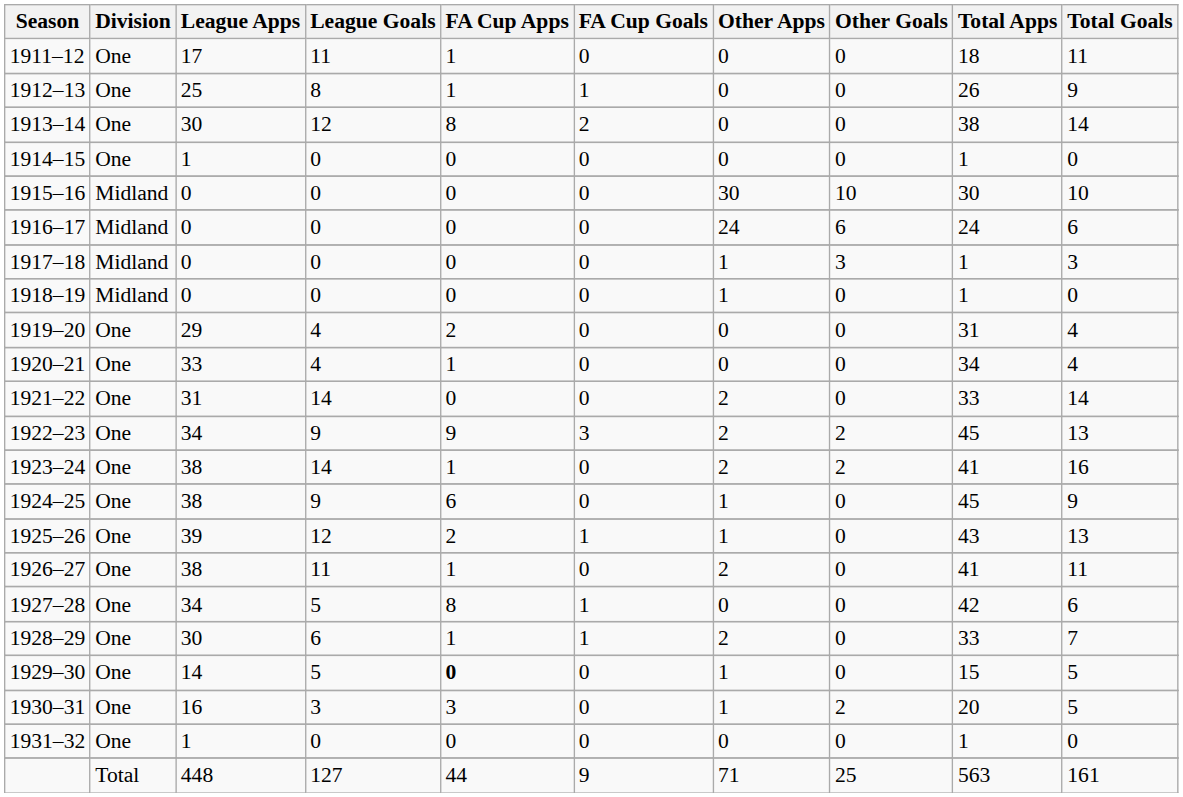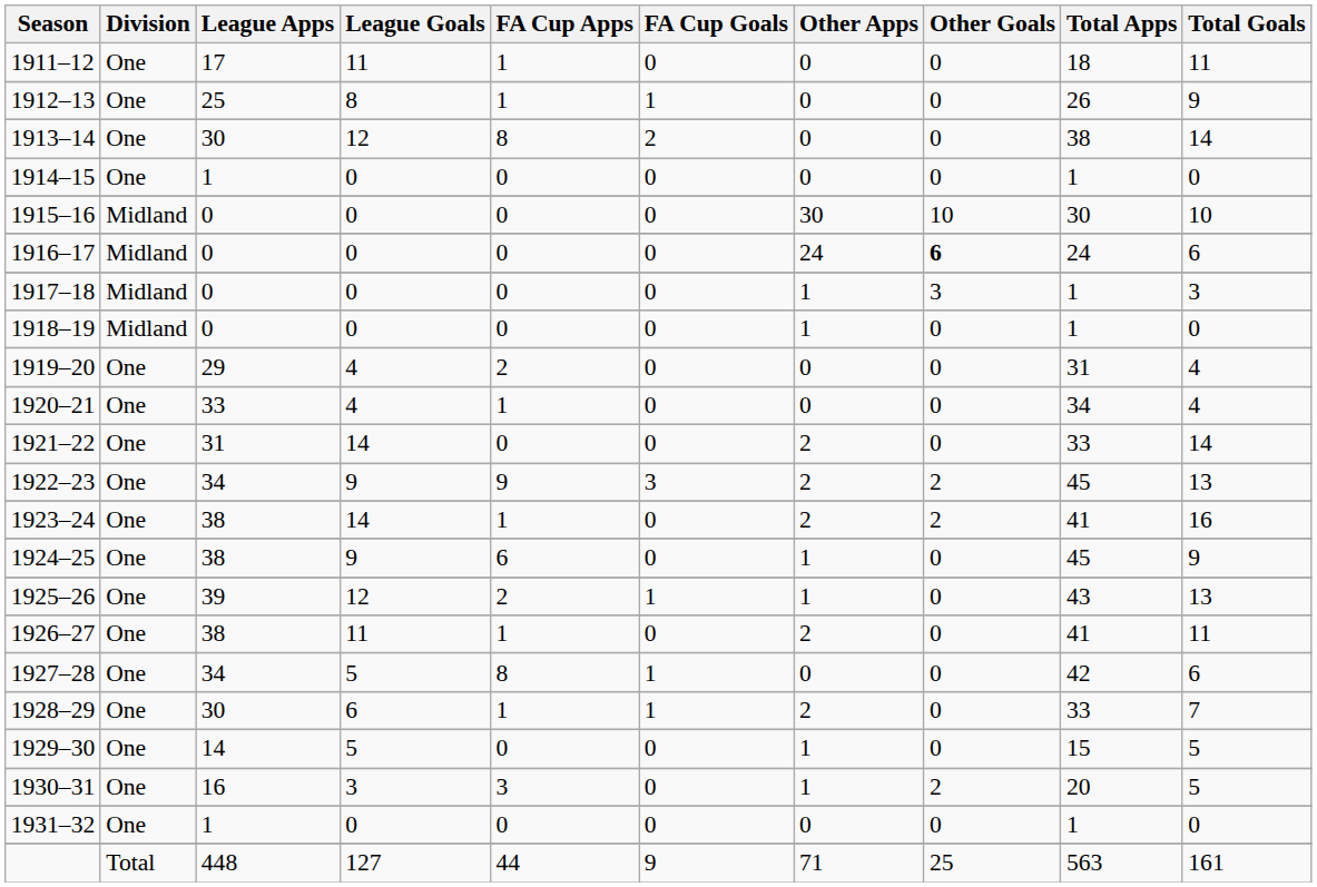 <table class=wikitable>
 <tr>
 <th>Season</th>
 <th>Division</th>
 <th>League Apps</th>
 <th>League Goals</th>
 <th>FA Cup Apps</th>
 <th>FA Cup Goals</th>
 <th>Other Apps</th>
 <th>Other Goals</th>
 <th>Total Apps</th>
 <th>Total Goals</th>
 </tr>
 <tr>
 <td>1911–12</td>
 <td>One</td>
 <td>17</td>
 <td>11</td>
 <td>1</td>
 <td>0</td>
 <td>0</td>
 <td>0</td>
 <td>18</td>
 <td>11</td>
 </tr>
 <tr>
 </tr>
 <tr>
 <td>1912–13</td>
 <td>One</td>
 <td>25</td>
 <td>8</td>
 <td>1</td>
 <td>1</td>
 <td>0</td>
 <td>0</td>
 <td>26</td>
 <td>9</td>
 </tr>
 <tr>
 </tr>
 <tr>
 <td>1913–14</td>
 <td>One</td>
 <td>30</td>
 <td>12</td>
 <td>8</td>
 <td>2</td>
 <td>0</td>
 <td>0</td>
 <td>38</td>
 <td>14</td>
 </tr>
 <tr>
 </tr>
 <tr>
 <td>1914–15</td>
 <td>One</td>
 <td>1</td>
 <td>0</td>
 <td>0</td>
 <td>0</td>
 <td>0</td>
 <td>0</td>
 <td>1</td>
 <td>0</td>
 </tr>
 <tr>
 </tr>
 <tr>
 <td>1915–16</td>
 <td>Midland</td>
 <td>0</td>
 <td>0</td>
 <td>0</td>
 <td>0</td>
 <td>30</td>
 <td>10</td>
 <td>30</td>
 <td>10</td>
 </tr>
 <tr>
 </tr>
 <tr>
 <td>1916–17</td>
 <td>Midland</td>
 <td>0</td>
 <td>0</td>
 <td>0</td>
 <td>0</td>
 <td>24</td>
-<td>6</td>
+<td><strong>6</strong></td>
 <td>24</td>
 <td>6</td>
 </tr>
 <tr>
 </tr>
 <tr>
 <td>1917–18</td>
 <td>Midland</td>
 <td>0</td>
 <td>0</td>
 <td>0</td>
 <td>0</td>
 <td>1</td>
 <td>3</td>
 <td>1</td>
 <td>3</td>
 </tr>
 <tr>
 </tr>
 <tr>
 <td>1918–19</td>
 <td>Midland</td>
 <td>0</td>
 <td>0</td>
 <td>0</td>
 <td>0</td>
 <td>1</td>
 <td>0</td>
 <td>1</td>
 <td>0</td>
 </tr>
 <tr>
 </tr>
 <tr>
 <td>1919–20</td>
 <td>One</td>
 <td>29</td>
 <td>4</td>
 <td>2</td>
 <td>0</td>
 <td>0</td>
 <td>0</td>
 <td>31</td>
 <td>4</td>
 </tr>
 <tr>
 </tr>
 <tr>
 <td>1920–21</td>
 <td>One</td>
 <td>33</td>
 <td>4</td>
 <td>1</td>
 <td>0</td>
 <td>0</td>
 <td>0</td>
 <td>34</td>
 <td>4</td>
 </tr>
 <tr>
 </tr>
 <tr>
 <td>1921–22</td>
 <td>One</td>
 <td>31</td>
 <td>14</td>
 <td>0</td>
 <td>0</td>
 <td>2</td>
 <td>0</td>
 <td>33</td>
 <td>14</td>
 </tr>
 <tr>
 </tr>
 <tr>
 <td>1922–23</td>
 <td>One</td>
 <td>34</td>
 <td>9</td>
 <td>9</td>
 <td>3</td>
 <td>2</td>
 <td>2</td>
 <td>45</td>
 <td>13</td>
 </tr>
 <tr>
 </tr>
 <tr>
 <td>1923–24</td>
 <td>One</td>
 <td>38</td>
 <td>14</td>
 <td>1</td>
 <td>0</td>
 <td>2</td>
 <td>2</td>
 <td>41</td>
 <td>16</td>
 </tr>
 <tr>
 </tr>
 <tr>
 <td>1924–25</td>
 <td>One</td>
 <td>38</td>
 <td>9</td>
 <td>6</td>
 <td>0</td>
 <td>1</td>
 <td>0</td>
 <td>45</td>
 <td>9</td>
 </tr>
 <tr>
 </tr>
 <tr>
 <td>1925–26</td>
 <td>One</td>
 <td>39</td>
 <td>12</td>
 <td>2</td>
 <td>1</td>
 <td>1</td>
 <td>0</td>
 <td>43</td>
 <td>13</td>
 </tr>
 <tr>
 </tr>
 <tr>
 <td>1926–27</td>
 <td>One</td>
 <td>38</td>
 <td>11</td>
 <td>1</td>
 <td>0</td>
 <td>2</td>
 <td>0</td>
 <td>41</td>
 <td>11</td>
 </tr>
 <tr>
 </tr>
 <tr>
 <td>1927–28</td>
 <td>One</td>
 <td>34</td>
 <td>5</td>
 <td>8</td>
 <td>1</td>
 <td>0</td>
 <td>0</td>
 <td>42</td>
 <td>6</td>
 </tr>
 <tr>
 </tr>
 <tr>
 <td>1928–29</td>
 <td>One</td>
 <td>30</td>
 <td>6</td>
 <td>1</td>
 <td>1</td>
 <td>2</td>
 <td>0</td>
 <td>33</td>
 <td>7</td>
 </tr>
 <tr>
 </tr>
 <tr>
 <td>1929–30</td>
 <td>One</td>
 <td>14</td>
 <td>5</td>
-<td><strong>0</strong></td>
+<td>0</td>
 <td>0</td>
 <td>1</td>
 <td>0</td>
 <td>15</td>
 <td>5</td>
 </tr>
 <tr>
 </tr>
 <tr>
 <td>1930–31</td>
 <td>One</td>
 <td>16</td>
 <td>3</td>
 <td>3</td>
 <td>0</td>
 <td>1</td>
 <td>2</td>
 <td>20</td>
 <td>5</td>
 </tr>
 <tr>
 </tr>
 <tr>
 <td>1931–32</td>
 <td>One</td>
 <td>1</td>
 <td>0</td>
 <td>0</td>
 <td>0</td>
 <td>0</td>
 <td>0</td>
 <td>1</td>
 <td>0</td>
 </tr>
 <tr>
 </tr>
 <tr>
 <td></td>
 <td>Total</td>
 <td>448</td>
 <td>127</td>
 <td>44</td>
 <td>9</td>
 <td>71</td>
 <td>25</td>
 <td>563</td>
 <td>161</td>
 </tr>
 </table>
